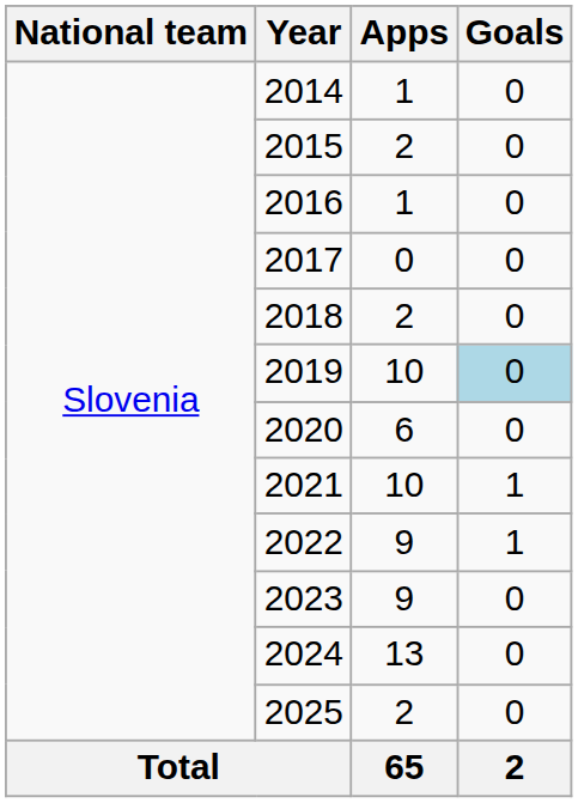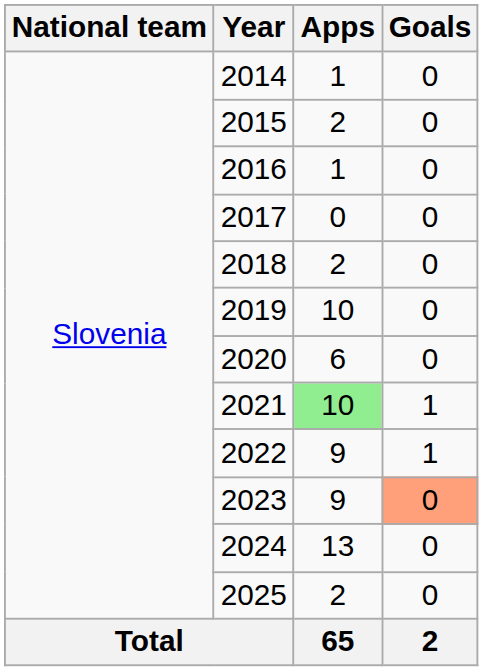 <table class="wikitable" style="text-align:center">
 <tr>
 <th>National team</th>
 <th>Year</th>
 <th>Apps</th>
 <th>Goals</th>
 </tr>
 <tr>
 <td rowspan="12"><a href='#'>Slovenia</a></td>
 <td>2014</td>
 <td>1</td>
 <td>0</td>
 </tr>
 <tr>
 <td>2015</td>
 <td>2</td>
 <td>0</td>
 </tr>
 <tr>
 <td>2016</td>
 <td>1</td>
 <td>0</td>
 </tr>
 <tr>
 <td>2017</td>
 <td>0</td>
 <td>0</td>
 </tr>
 <tr>
 <td>2018</td>
 <td>2</td>
 <td>0</td>
 </tr>
 <tr>
 <td>2019</td>
 <td>10</td>
-<td style="background: lightblue;">0</td>
+<td>0</td>
 </tr>
 <tr>
 <td>2020</td>
 <td>6</td>
 <td>0</td>
 </tr>
 <tr>
 <td>2021</td>
-<td>10</td>
+<td style="background: lightgreen;">10</td>
 <td>1</td>
 </tr>
 <tr>
 <td>2022</td>
 <td>9</td>
 <td>1</td>
 </tr>
 <tr>
 <td>2023</td>
 <td>9</td>
-<td>0</td>
+<td style="background: lightsalmon;">0</td>
 </tr>
 <tr>
 <td>2024</td>
 <td>13</td>
 <td>0</td>
 </tr>
 <tr>
 <td>2025</td>
 <td>2</td>
 <td>0</td>
 </tr>
 <tr>
 <th colspan="2">Total</th>
 <th>65</th>
 <th>2</th>
 </tr>
 </table>
